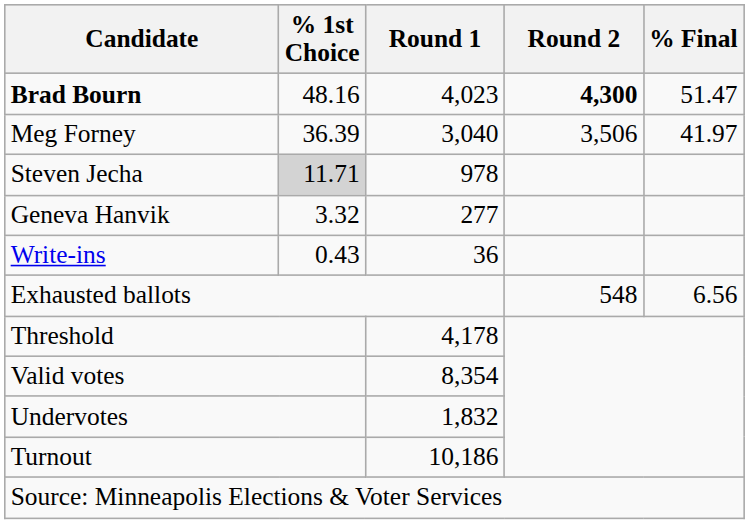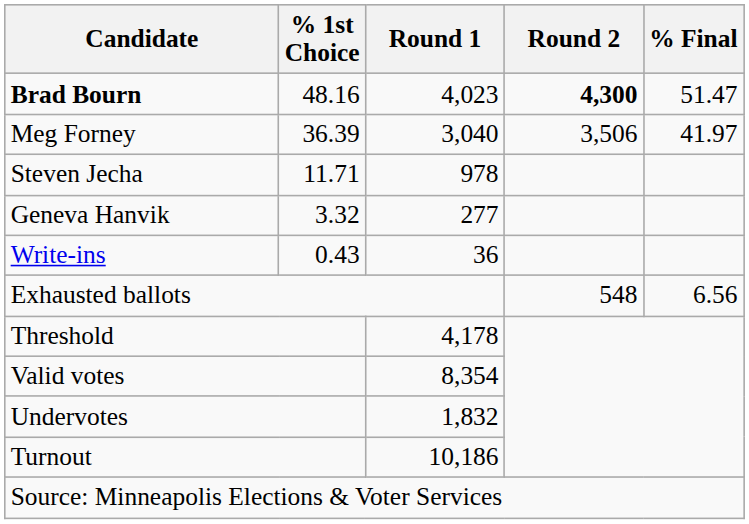 <table class="wikitable">
 <tr>
 <th style="width:165px">Candidate</th>
 <th>% 1st<br>Choice</th>
 <th style="width:80px">Round 1</th>
 <th style="width:80px">Round 2</th>
 <th>% Final</th>
 </tr>
 <tr>
 <td><strong>Brad Bourn</strong></td>
 <td align="right">48.16</td>
 <td align="right">4,023</td>
 <td align="right"><strong>4,300</strong></td>
 <td align="right">51.47</td>
 </tr>
 <tr>
 <td>Meg Forney</td>
 <td align="right">36.39</td>
 <td align="right">3,040</td>
 <td align="right">3,506</td>
 <td align="right">41.97</td>
 </tr>
 <tr>
 <td>Steven Jecha</td>
-<td align="right" style="background: lightgrey;">11.71</td>
+<td align="right">11.71</td>
 <td align="right">978</td>
 <td></td>
 <td></td>
 </tr>
 <tr>
 <td>Geneva Hanvik</td>
 <td align="right">3.32</td>
 <td align="right">277</td>
 <td></td>
 <td></td>
 </tr>
 <tr>
 <td><a href='#'>Write-ins</a></td>
 <td align="right">0.43</td>
 <td align="right">36</td>
 <td></td>
 <td></td>
 </tr>
 <tr>
 <td colspan="3">Exhausted ballots</td>
 <td align="right">548</td>
 <td align="right">6.56</td>
 </tr>
 <tr>
 <td colspan="2">Threshold</td>
 <td align="right">4,178</td>
 <td colspan="2" rowspan="4"></td>
 </tr>
 <tr>
 <td colspan="2">Valid votes</td>
 <td align="right">8,354</td>
 </tr>
 <tr>
 <td colspan="2">Undervotes</td>
 <td align="right">1,832</td>
 </tr>
 <tr>
 <td colspan="2">Turnout</td>
 <td align="right">10,186</td>
 </tr>
 <tr>
 <td colspan="5">Source: Minneapolis Elections & Voter Services</td>
 </tr>
 </table>
